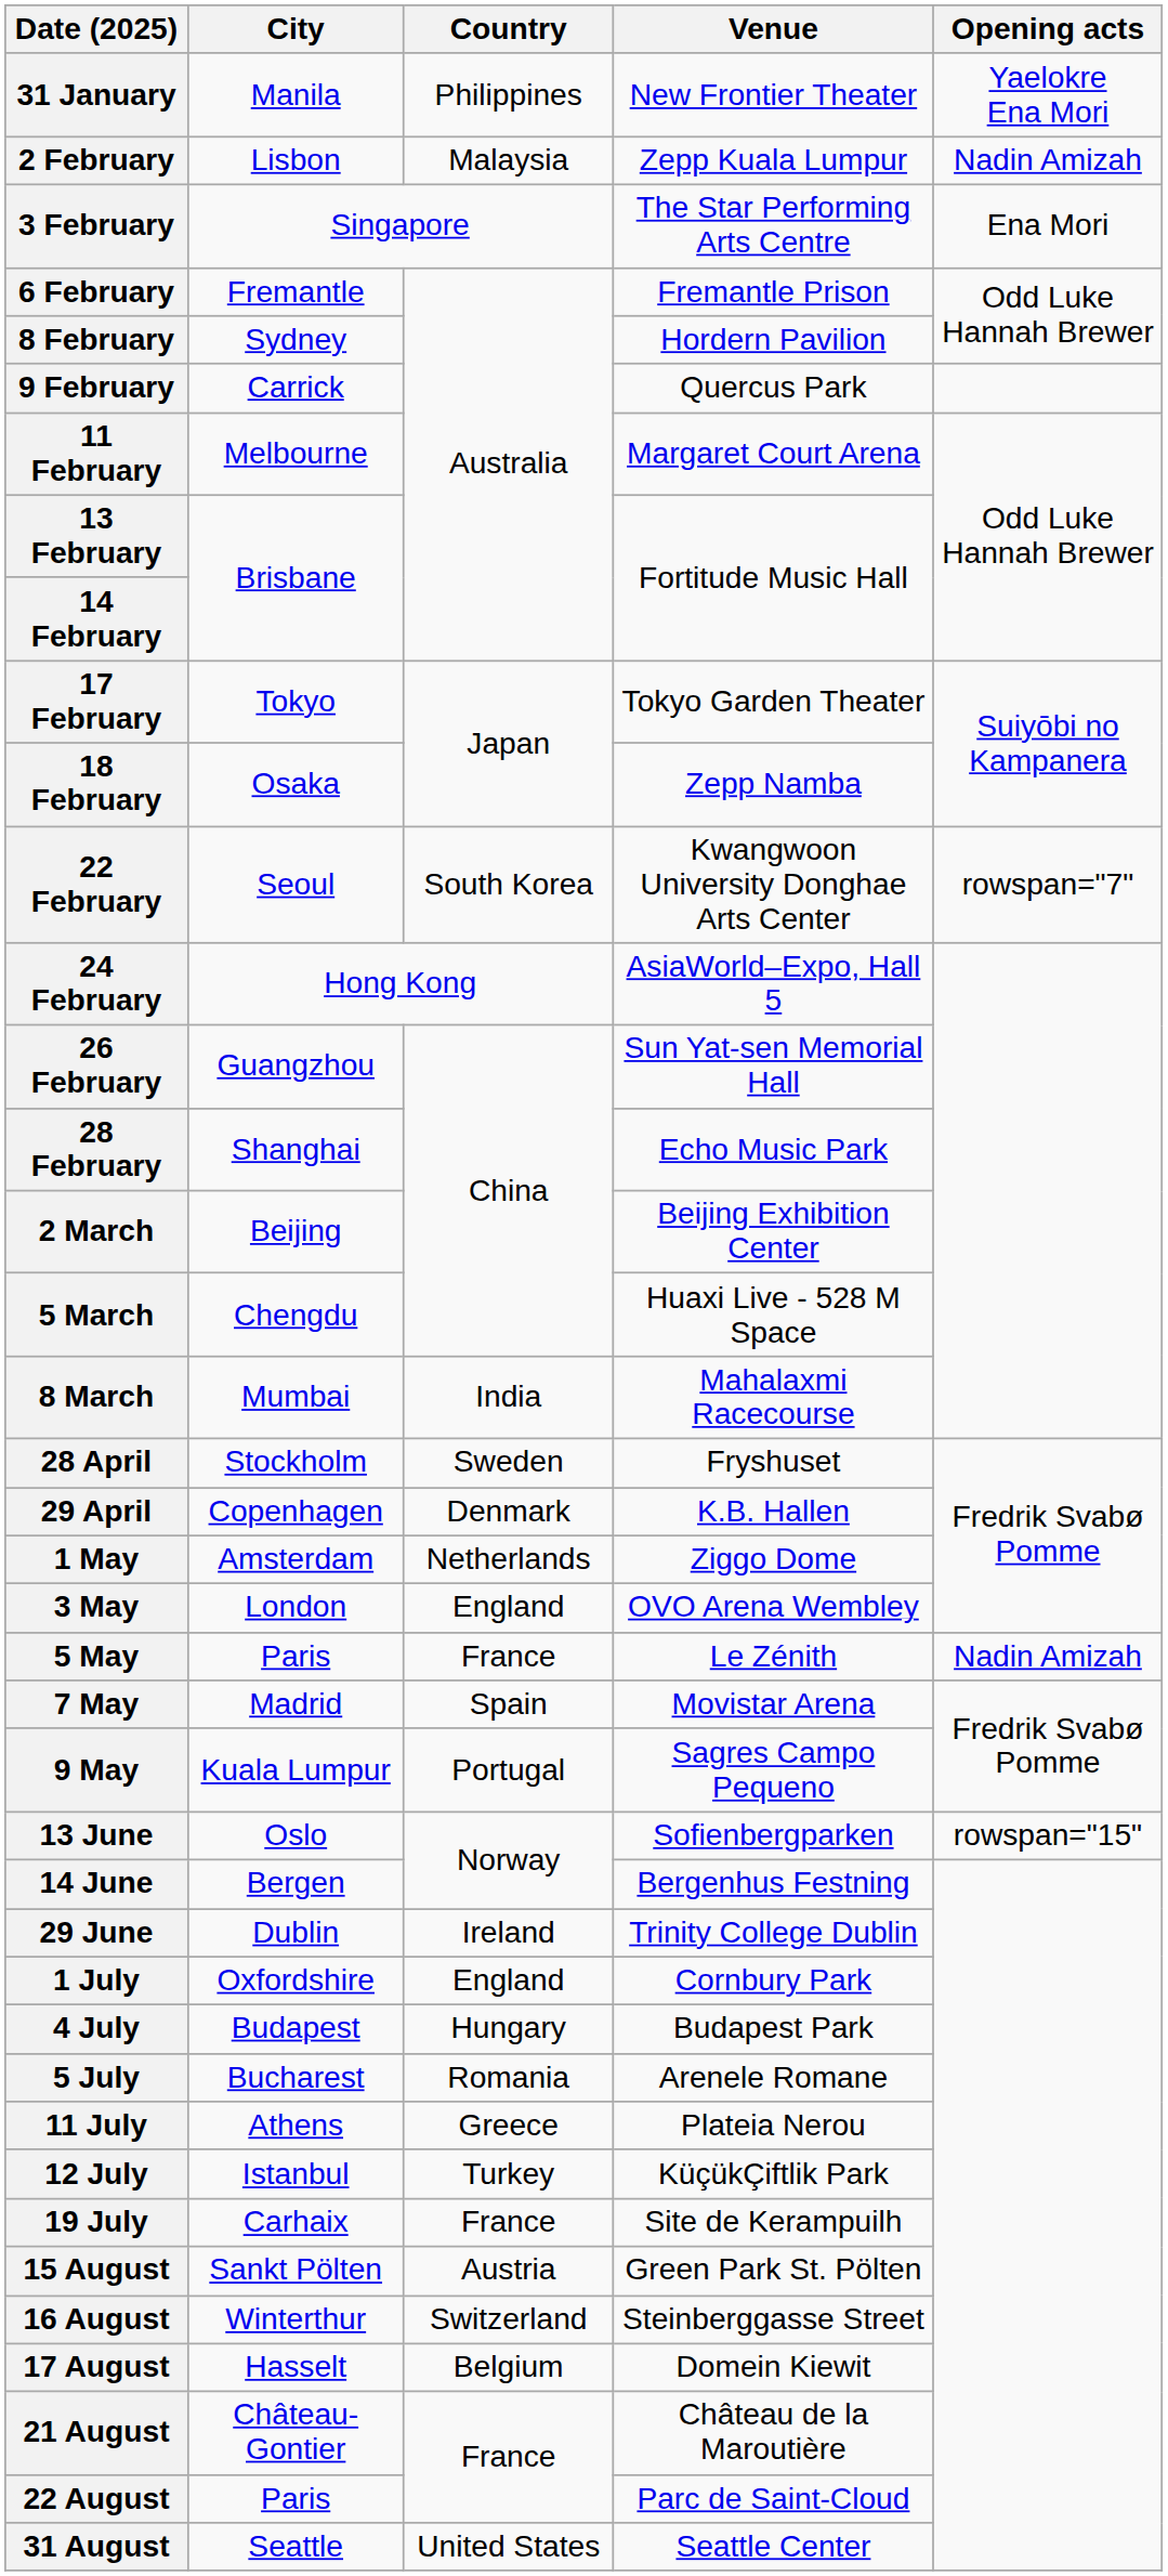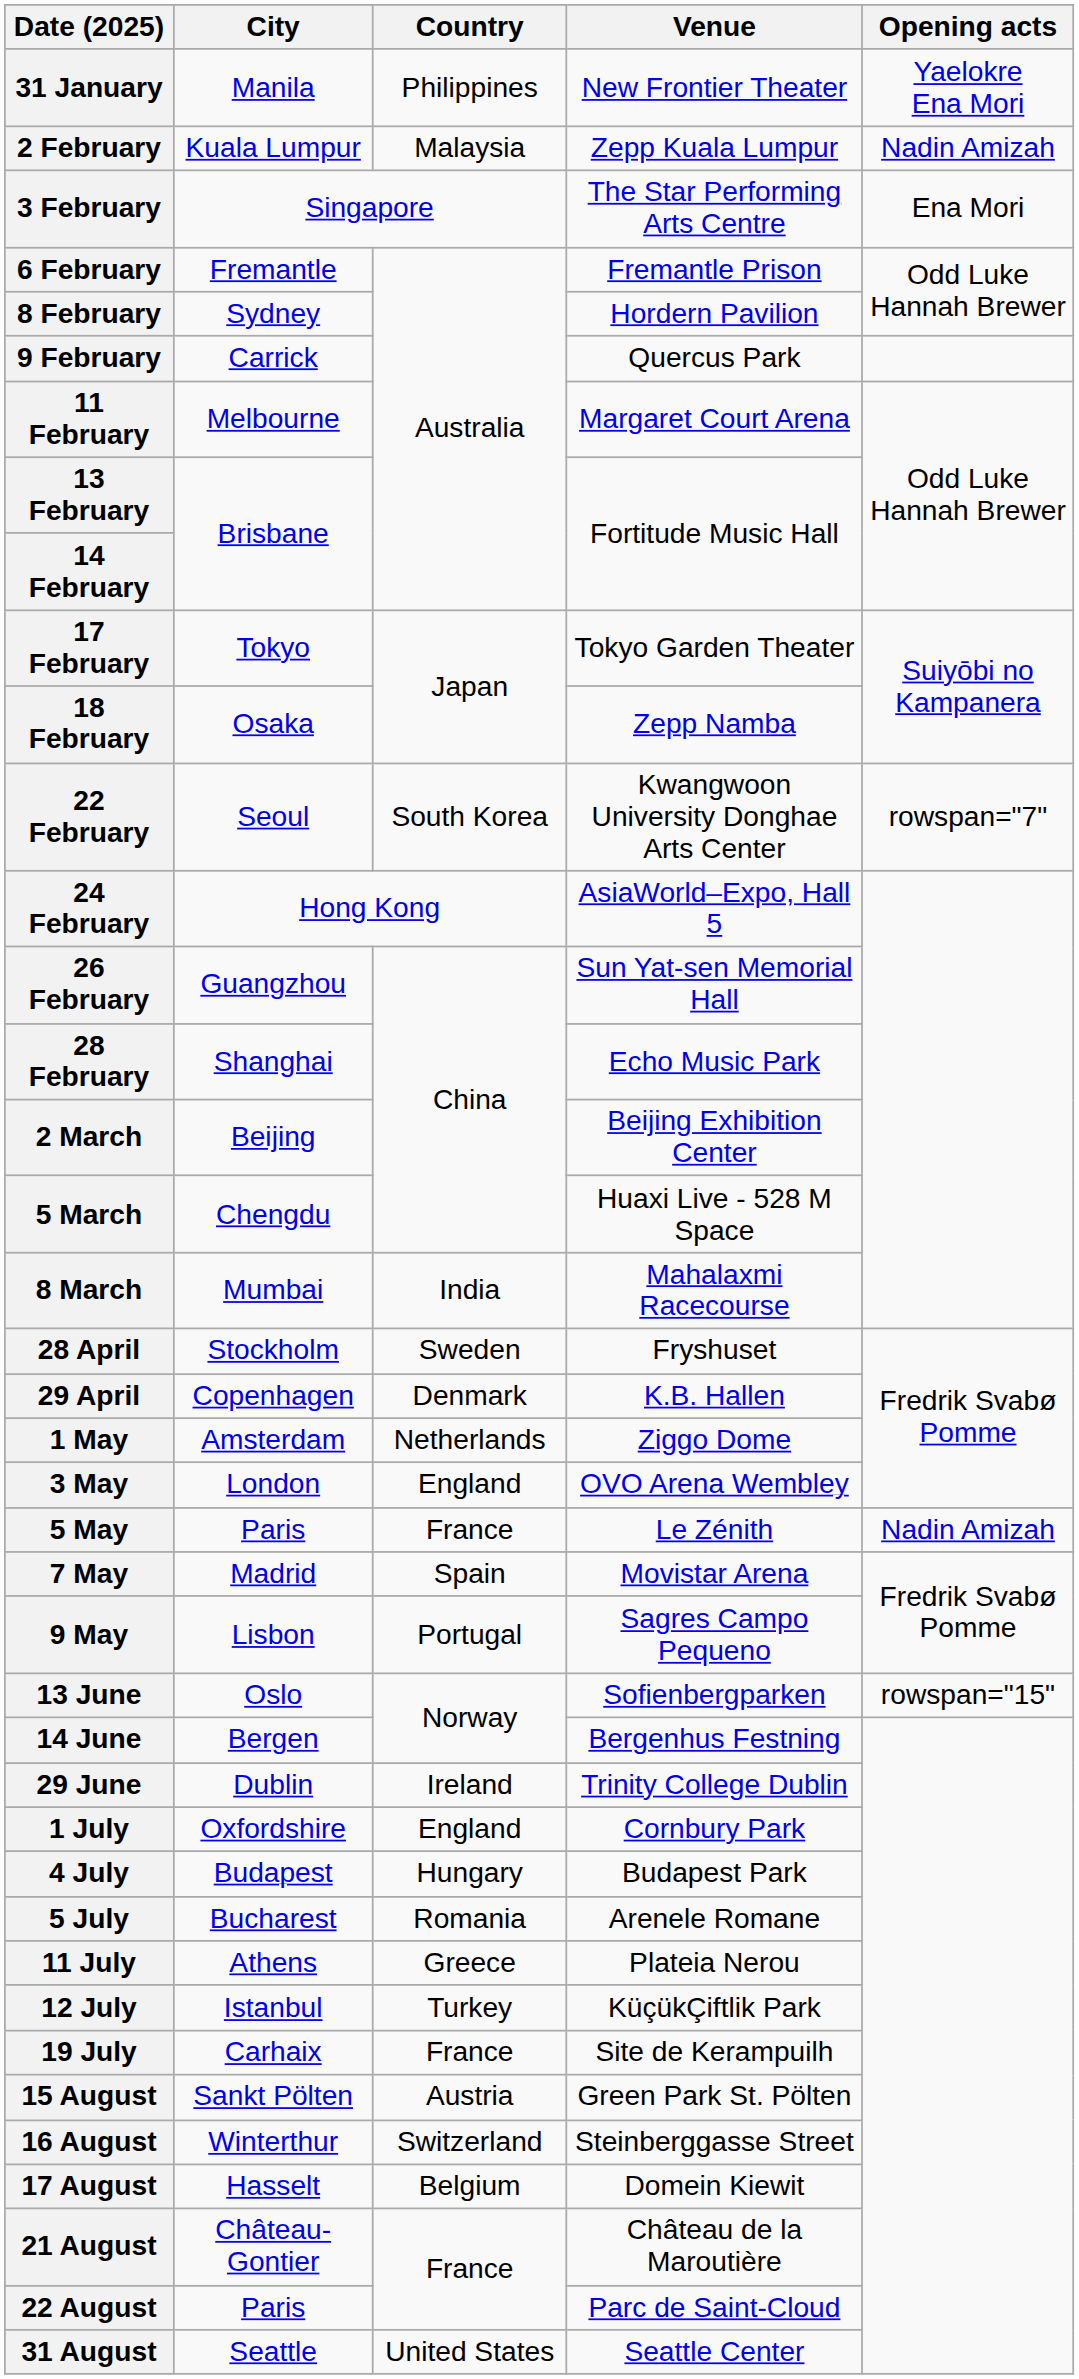 <table class="wikitable plainrowheaders" style="text-align:center;">
 <tr>
 <th scope="col" style="width:10em;">Date (2025)</th>
 <th scope="col" style="width:10em;">City</th>
 <th scope="col" style="width:10em;">Country</th>
 <th scope="col" style="width:18em;">Venue</th>
 <th scope="col" style="width:10em;">Opening acts</th>
 </tr>
 <tr>
 <th scope="row" style="text-align:center;">31 January</th>
 <td><a href='#'>Manila</a></td>
 <td>Philippines</td>
 <td><a href='#'>New Frontier Theater</a></td>
 <td><a href='#'>Yaelokre</a><br><a href='#'>Ena Mori</a></td>
 </tr>
 <tr>
 <th scope="row" style="text-align:center;">2 February</th>
-<td><a href='#'>Lisbon</a></td>
+<td><a href='#'>Kuala Lumpur</a></td>
 <td>Malaysia</td>
 <td><a href='#'>Zepp Kuala Lumpur</a></td>
 <td><a href='#'>Nadin Amizah</a></td>
 </tr>
 <tr>
 <th scope="row" style="text-align:center;">3 February</th>
 <td colspan="2"><a href='#'>Singapore</a></td>
 <td><a href='#'>The Star Performing Arts Centre</a></td>
 <td>Ena Mori</td>
 </tr>
 <tr>
 <th scope="row" style="text-align:center;">6 February</th>
 <td><a href='#'>Fremantle</a></td>
 <td rowspan="6">Australia</td>
 <td><a href='#'>Fremantle Prison</a></td>
 <td rowspan="2">Odd Luke<br>Hannah Brewer</td>
 </tr>
 <tr>
 <th scope="row" style="text-align:center;">8 February</th>
 <td><a href='#'>Sydney</a></td>
 <td><a href='#'>Hordern Pavilion</a></td>
 </tr>
 <tr>
 <th scope="row" style="text-align:center;">9 February</th>
 <td><a href='#'>Carrick</a></td>
 <td>Quercus Park</td>
 <td></td>
 </tr>
 <tr>
 <th scope="row" style="text-align:center;">11 February</th>
 <td><a href='#'>Melbourne</a></td>
 <td><a href='#'>Margaret Court Arena</a></td>
 <td rowspan="3">Odd Luke<br>Hannah Brewer</td>
 </tr>
 <tr>
 <th scope="row" style="text-align:center;">13 February</th>
 <td rowspan="2"><a href='#'>Brisbane</a></td>
 <td rowspan="2">Fortitude Music Hall</td>
 </tr>
 <tr>
 <th scope="row" style="text-align:center;">14 February</th>
 </tr>
 <tr>
 <th scope="row" style="text-align:center;">17 February</th>
 <td><a href='#'>Tokyo</a></td>
 <td rowspan="2">Japan</td>
 <td>Tokyo Garden Theater</td>
 <td rowspan="2"><a href='#'>Suiyōbi no Kampanera</a></td>
 </tr>
 <tr>
 <th scope="row" style="text-align:center;">18 February</th>
 <td><a href='#'>Osaka</a></td>
 <td><a href='#'>Zepp Namba</a></td>
 </tr>
 <tr>
 <th scope="row" style="text-align:center;">22 February</th>
 <td><a href='#'>Seoul</a></td>
 <td>South Korea</td>
 <td>Kwangwoon University Donghae Arts Center</td>
 <td>rowspan="7" </td>
 </tr>
 <tr>
 <th scope="row" style="text-align:center;">24 February</th>
 <td colspan="2"><a href='#'>Hong Kong</a></td>
 <td><a href='#'>AsiaWorld–Expo, Hall 5</a></td>
 </tr>
 <tr>
 <th scope="row" style="text-align:center;">26 February</th>
 <td><a href='#'>Guangzhou</a></td>
 <td rowspan="4">China</td>
 <td><a href='#'>Sun Yat-sen Memorial Hall</a></td>
 </tr>
 <tr>
 <th scope="row" style="text-align:center;">28 February</th>
 <td><a href='#'>Shanghai</a></td>
 <td><a href='#'>Echo Music Park</a></td>
 </tr>
 <tr>
 <th scope="row" style="text-align:center;">2 March</th>
 <td><a href='#'>Beijing</a></td>
 <td><a href='#'>Beijing Exhibition Center</a></td>
 </tr>
 <tr>
 <th scope="row" style="text-align:center;">5 March</th>
 <td><a href='#'>Chengdu</a></td>
 <td>Huaxi Live - 528 M Space</td>
 </tr>
 <tr>
 <th scope="row" style="text-align:center;">8 March</th>
 <td><a href='#'>Mumbai</a></td>
 <td>India</td>
 <td><a href='#'>Mahalaxmi Racecourse</a></td>
 </tr>
 <tr>
 <th scope="row" style="text-align:center;">28 April</th>
 <td><a href='#'>Stockholm</a></td>
 <td>Sweden</td>
 <td>Fryshuset</td>
 <td rowspan="4">Fredrik Svabø<br><a href='#'>Pomme</a></td>
 </tr>
 <tr>
 <th scope="row" style="text-align:center;">29 April</th>
 <td><a href='#'>Copenhagen</a></td>
 <td>Denmark</td>
 <td><a href='#'>K.B. Hallen</a></td>
 </tr>
 <tr>
 <th scope="row" style="text-align:center;">1 May</th>
 <td><a href='#'>Amsterdam</a></td>
 <td>Netherlands</td>
 <td><a href='#'>Ziggo Dome</a></td>
 </tr>
 <tr>
 <th scope="row" style="text-align:center;">3 May</th>
 <td><a href='#'>London</a></td>
 <td>England</td>
 <td><a href='#'>OVO Arena Wembley</a></td>
 </tr>
 <tr>
 <th scope="row" style="text-align:center;">5 May</th>
 <td><a href='#'>Paris</a></td>
 <td>France</td>
 <td><a href='#'>Le Zénith</a></td>
 <td><a href='#'>Nadin Amizah</a></td>
 </tr>
 <tr>
 <th scope="row" style="text-align:center;">7 May</th>
 <td><a href='#'>Madrid</a></td>
 <td>Spain</td>
 <td><a href='#'>Movistar Arena</a></td>
 <td rowspan="2">Fredrik Svabø<br>Pomme</td>
 </tr>
 <tr>
 <th scope="row" style="text-align:center;">9 May</th>
-<td><a href='#'>Kuala Lumpur</a></td>
+<td><a href='#'>Lisbon</a></td>
 <td>Portugal</td>
 <td><a href='#'>Sagres Campo Pequeno</a></td>
 </tr>
 <tr>
 <th scope="row" style="text-align:center;">13 June</th>
 <td><a href='#'>Oslo</a></td>
 <td rowspan="2">Norway</td>
 <td><a href='#'>Sofienbergparken</a></td>
 <td>rowspan="15" </td>
 </tr>
 <tr>
 <th scope="row" style="text-align:center;">14 June</th>
 <td><a href='#'>Bergen</a></td>
 <td><a href='#'>Bergenhus Festning</a></td>
 </tr>
 <tr>
 <th scope="row" style="text-align:center;">29 June</th>
 <td><a href='#'>Dublin</a></td>
 <td>Ireland</td>
 <td><a href='#'>Trinity College Dublin</a></td>
 </tr>
 <tr>
 <th scope="row" style="text-align:center;">1 July</th>
 <td><a href='#'>Oxfordshire</a></td>
 <td>England</td>
 <td><a href='#'>Cornbury Park</a></td>
 </tr>
 <tr>
 <th scope="row" style="text-align:center;">4 July</th>
 <td><a href='#'>Budapest</a></td>
 <td>Hungary</td>
 <td>Budapest Park</td>
 </tr>
 <tr>
 <th scope="row" style="text-align:center;">5 July</th>
 <td><a href='#'>Bucharest</a></td>
 <td>Romania</td>
 <td>Arenele Romane</td>
 </tr>
 <tr>
 <th scope="row" style="text-align:center;">11 July</th>
 <td><a href='#'>Athens</a></td>
 <td>Greece</td>
 <td>Plateia Nerou</td>
 </tr>
 <tr>
 <th scope="row" style="text-align:center;">12 July</th>
 <td><a href='#'>Istanbul</a></td>
 <td>Turkey</td>
 <td>KüçükÇiftlik Park</td>
 </tr>
 <tr>
 <th scope="row" style="text-align:center;">19 July</th>
 <td><a href='#'>Carhaix</a></td>
 <td>France</td>
 <td>Site de Kerampuilh</td>
 </tr>
 <tr>
 <th scope="row" style="text-align:center;">15 August</th>
 <td><a href='#'>Sankt Pölten</a></td>
 <td>Austria</td>
 <td>Green Park St. Pölten</td>
 </tr>
 <tr>
 <th scope="row" style="text-align:center;">16 August</th>
 <td><a href='#'>Winterthur</a></td>
 <td>Switzerland</td>
 <td>Steinberggasse Street</td>
 </tr>
 <tr>
 <th scope="row" style="text-align:center;">17 August</th>
 <td><a href='#'>Hasselt</a></td>
 <td>Belgium</td>
 <td>Domein Kiewit</td>
 </tr>
 <tr>
 <th scope="row" style="text-align:center;">21 August</th>
 <td><a href='#'>Château-Gontier</a></td>
 <td rowspan="2">France</td>
 <td>Château de la Maroutière</td>
 </tr>
 <tr>
 <th scope="row" style="text-align:center;">22 August</th>
 <td><a href='#'>Paris</a></td>
 <td><a href='#'>Parc de Saint-Cloud</a></td>
 </tr>
 <tr>
 <th scope="row" style="text-align:center;">31 August</th>
 <td><a href='#'>Seattle</a></td>
 <td>United States</td>
 <td><a href='#'>Seattle Center</a></td>
 </tr>
 </table>
